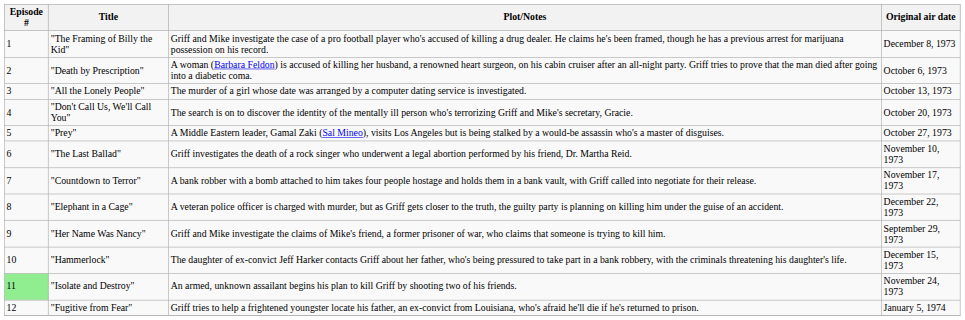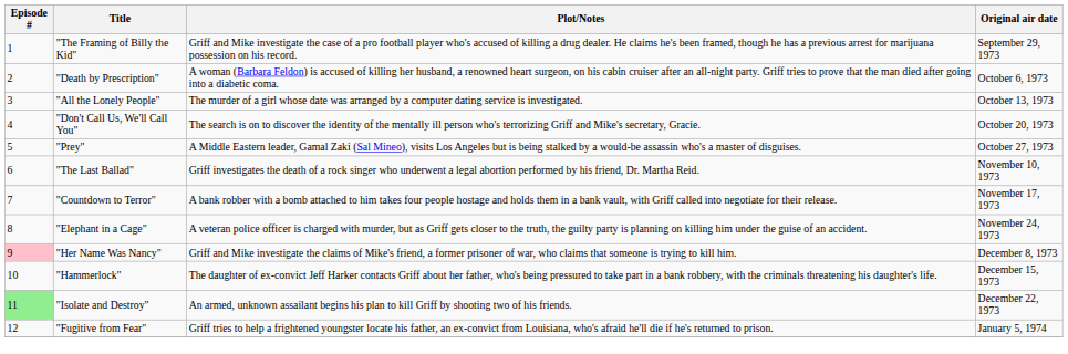 <table class="wikitable">
 <tr bgcolor="#CCCCCC">
 <th>Episode #</th>
 <th>Title</th>
 <th>Plot/Notes</th>
 <th>Original air date</th>
 </tr>
 <tr>
 <td>1</td>
 <td>"The Framing of Billy the Kid"</td>
 <td>Griff and Mike investigate the case of a pro football player who's accused of killing a drug dealer. He claims he's been framed, though he has a previous arrest for marijuana possession on his record.</td>
-<td>December 8, 1973</td>
+<td>September 29, 1973</td>
 </tr>
 <tr>
 <td>2</td>
 <td>"Death by Prescription"</td>
 <td>A woman (<a href='#'>Barbara Feldon</a>) is accused of killing her husband, a renowned heart surgeon, on his cabin cruiser after an all-night party. Griff tries to prove that the man died after going into a diabetic coma.</td>
 <td>October 6, 1973</td>
 </tr>
 <tr>
 <td>3</td>
 <td>"All the Lonely People"</td>
 <td>The murder of a girl whose date was arranged by a computer dating service is investigated.</td>
 <td>October 13, 1973</td>
 </tr>
 <tr>
 <td>4</td>
 <td>"Don't Call Us, We'll Call You"</td>
 <td>The search is on to discover the identity of the mentally ill  person who's terrorizing Griff and Mike's secretary, Gracie.</td>
 <td>October 20, 1973</td>
 </tr>
 <tr>
 <td>5</td>
 <td>"Prey"</td>
 <td>A Middle Eastern leader, Gamal Zaki (<a href='#'>Sal Mineo</a>), visits Los Angeles but is being stalked by a would-be assassin who's a master of disguises.</td>
 <td>October 27, 1973</td>
 </tr>
 <tr>
 <td>6</td>
 <td>"The Last Ballad"</td>
 <td>Griff investigates the death of a rock singer who underwent a legal abortion performed by his friend, Dr. Martha Reid.</td>
 <td>November 10, 1973</td>
 </tr>
 <tr>
 <td>7</td>
 <td>"Countdown to Terror"</td>
 <td>A bank robber with a bomb attached to him takes four people hostage and holds them in a bank vault, with Griff called into negotiate for their release.</td>
 <td>November 17, 1973</td>
 </tr>
 <tr>
 <td>8</td>
 <td>"Elephant in a Cage"</td>
 <td>A veteran police officer is charged with murder, but as Griff gets closer to the truth, the guilty party is planning on killing him under the guise of an accident.</td>
-<td>December 22, 1973</td>
+<td>November 24, 1973</td>
 </tr>
 <tr>
-<td>9</td>
+<td style="background: pink;">9</td>
 <td>"Her Name Was Nancy"</td>
 <td>Griff and Mike investigate the claims of Mike's friend, a former prisoner of war, who claims that someone is trying to kill him.</td>
-<td>September 29, 1973</td>
+<td>December 8, 1973</td>
 </tr>
 <tr>
 <td>10</td>
 <td>"Hammerlock"</td>
 <td>The daughter of ex-convict Jeff Harker contacts Griff about her father, who's being pressured to take part in a bank robbery, with the criminals threatening his daughter's life.</td>
 <td>December 15, 1973</td>
 </tr>
 <tr>
 <td style="background: lightgreen;">11</td>
 <td>"Isolate and Destroy"</td>
 <td>An armed, unknown assailant begins his plan to kill Griff by shooting two of his friends.</td>
-<td>November 24, 1973</td>
+<td>December 22, 1973</td>
 </tr>
 <tr>
 <td>12</td>
 <td>"Fugitive from Fear"</td>
 <td>Griff tries to help a frightened youngster locate his father, an ex-convict from Louisiana, who's afraid he'll die if he's returned to prison.</td>
 <td>January 5, 1974</td>
 </tr>
 <tr>
 </tr>
 </table>
